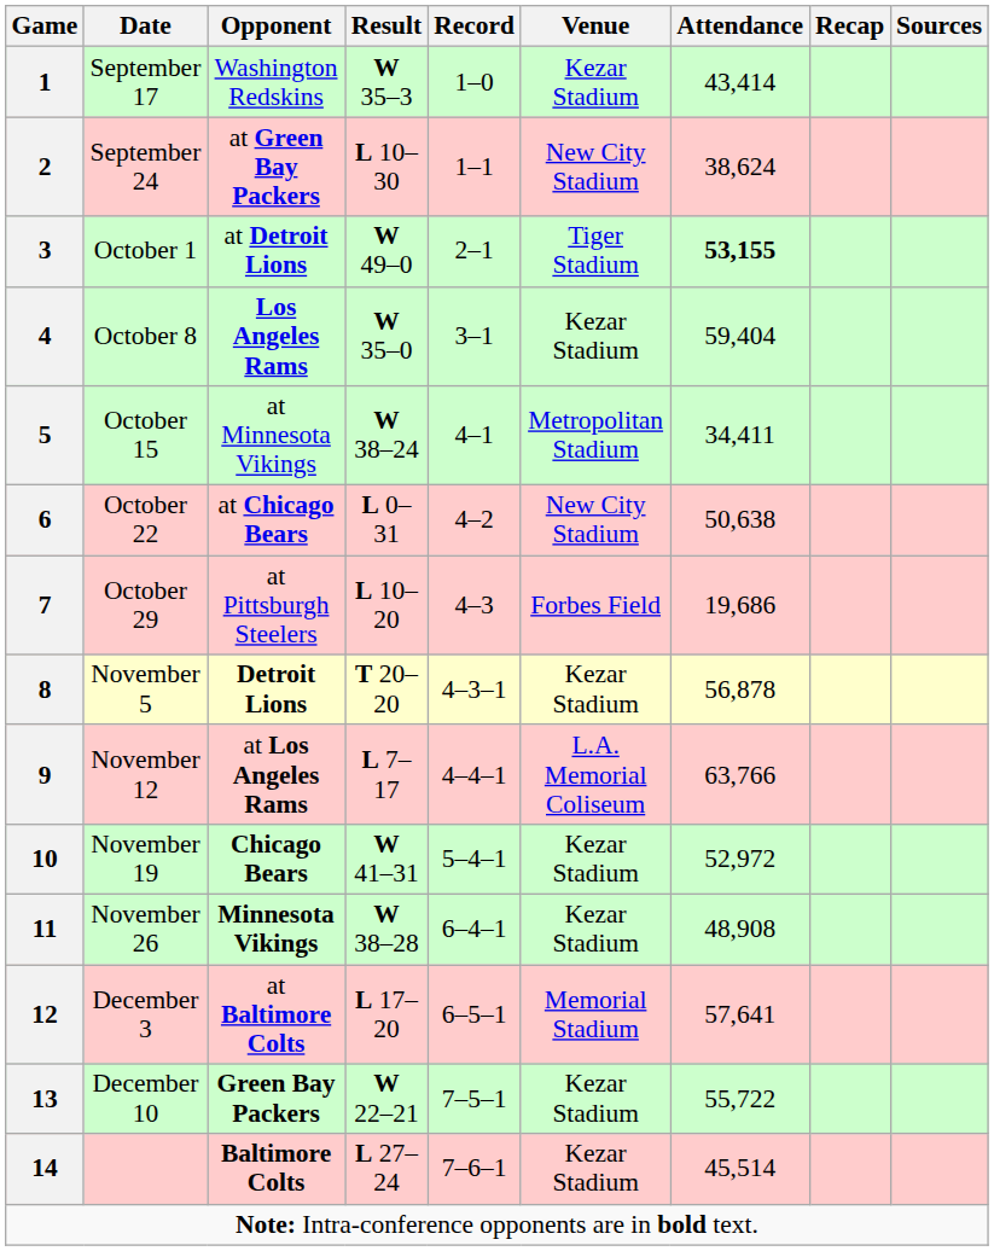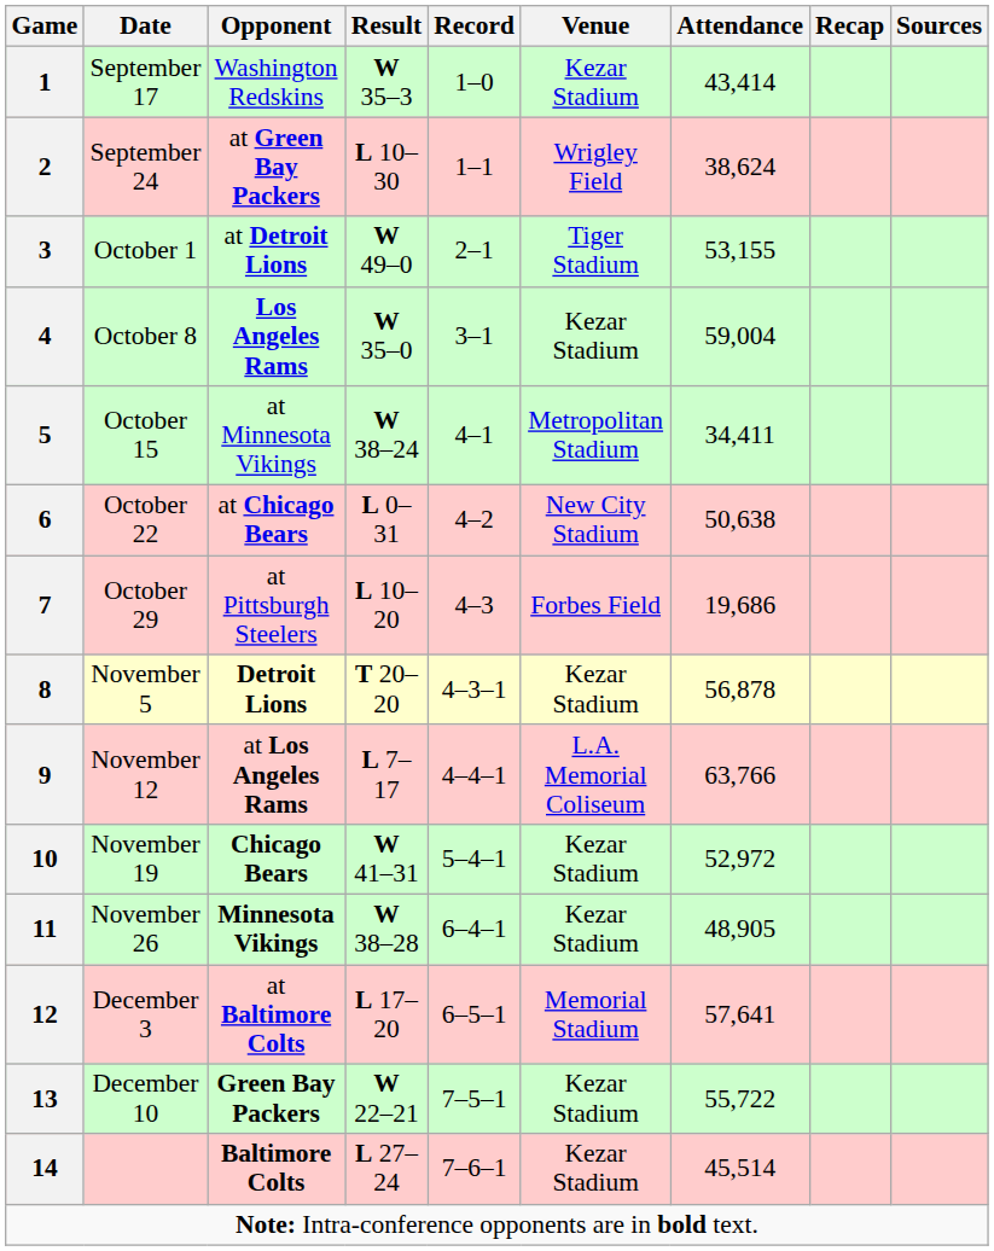 <table class="wikitable" style="text-align:center">
 <tr>
 <th>Game</th>
 <th>Date</th>
 <th>Opponent</th>
 <th>Result</th>
 <th>Record</th>
 <th>Venue</th>
 <th>Attendance</th>
 <th>Recap</th>
 <th>Sources</th>
 </tr>
 <tr style="background:#cfc">
 <th>1</th>
 <td>September 17</td>
 <td><a href='#'>Washington Redskins</a></td>
 <td><strong>W</strong> 35–3</td>
 <td>1–0</td>
 <td><a href='#'>Kezar Stadium</a></td>
 <td>43,414</td>
 <td></td>
 <td></td>
 </tr>
 <tr style="background:#fcc">
 <th>2</th>
 <td>September 24</td>
 <td>at <strong><a href='#'>Green Bay Packers</a></strong></td>
 <td><strong>L</strong> 10–30</td>
 <td>1–1</td>
-<td><a href='#'>New City Stadium</a></td>
+<td><a href='#'>Wrigley Field</a></td>
 <td>38,624</td>
 <td></td>
 <td></td>
 </tr>
 <tr style="background:#cfc">
 <th>3</th>
 <td>October 1</td>
 <td>at <strong><a href='#'>Detroit Lions</a></strong></td>
 <td><strong>W</strong> 49–0</td>
 <td>2–1</td>
 <td><a href='#'>Tiger Stadium</a></td>
-<td><strong>53,155</strong></td>
+<td>53,155</td>
 <td></td>
 <td></td>
 </tr>
 <tr style="background:#cfc">
 <th>4</th>
 <td>October 8</td>
 <td><strong><a href='#'>Los Angeles Rams</a></strong></td>
 <td><strong>W</strong> 35–0</td>
 <td>3–1</td>
 <td>Kezar Stadium</td>
-<td>59,404</td>
+<td>59,004</td>
 <td></td>
 <td></td>
 </tr>
 <tr style="background:#cfc">
 <th>5</th>
 <td>October 15</td>
 <td>at <a href='#'>Minnesota Vikings</a></td>
 <td><strong>W</strong> 38–24</td>
 <td>4–1</td>
 <td><a href='#'>Metropolitan Stadium</a></td>
 <td>34,411</td>
 <td></td>
 <td></td>
 </tr>
 <tr style="background:#fcc">
 <th>6</th>
 <td>October 22</td>
 <td>at <strong><a href='#'>Chicago Bears</a></strong></td>
 <td><strong>L</strong> 0–31</td>
 <td>4–2</td>
 <td><a href='#'>New City Stadium</a></td>
 <td>50,638</td>
 <td></td>
 <td></td>
 </tr>
 <tr style="background:#fcc">
 <th>7</th>
 <td>October 29</td>
 <td>at <a href='#'>Pittsburgh Steelers</a></td>
 <td><strong>L</strong> 10–20</td>
 <td>4–3</td>
 <td><a href='#'>Forbes Field</a></td>
 <td>19,686</td>
 <td></td>
 <td></td>
 </tr>
 <tr style="background:#ffc">
 <th>8</th>
 <td>November 5</td>
 <td><strong>Detroit Lions</strong></td>
 <td><strong>T</strong> 20–20</td>
 <td>4–3–1</td>
 <td>Kezar Stadium</td>
 <td>56,878</td>
 <td></td>
 <td></td>
 </tr>
 <tr style="background:#fcc">
 <th>9</th>
 <td>November 12</td>
 <td>at <strong>Los Angeles Rams</strong></td>
 <td><strong>L</strong> 7–17</td>
 <td>4–4–1</td>
 <td><a href='#'>L.A. Memorial Coliseum</a></td>
 <td>63,766</td>
 <td></td>
 <td></td>
 </tr>
 <tr style="background:#cfc">
 <th>10</th>
 <td>November 19</td>
 <td><strong>Chicago Bears</strong></td>
 <td><strong>W</strong> 41–31</td>
 <td>5–4–1</td>
 <td>Kezar Stadium</td>
 <td>52,972</td>
 <td></td>
 <td></td>
 </tr>
 <tr style="background:#cfc">
 <th>11</th>
 <td>November 26</td>
 <td><strong>Minnesota Vikings</strong></td>
 <td><strong>W</strong> 38–28</td>
 <td>6–4–1</td>
 <td>Kezar Stadium</td>
-<td>48,908</td>
+<td>48,905</td>
 <td></td>
 <td></td>
 </tr>
 <tr style="background:#fcc">
 <th>12</th>
 <td>December 3</td>
 <td>at <strong><a href='#'>Baltimore Colts</a></strong></td>
 <td><strong>L</strong> 17–20</td>
 <td>6–5–1</td>
 <td><a href='#'>Memorial Stadium</a></td>
 <td>57,641</td>
 <td></td>
 <td></td>
 </tr>
 <tr style="background:#cfc">
 <th>13</th>
 <td>December 10</td>
 <td><strong>Green Bay Packers</strong></td>
 <td><strong>W</strong> 22–21</td>
 <td>7–5–1</td>
 <td>Kezar Stadium</td>
 <td>55,722</td>
 <td></td>
 <td></td>
 </tr>
 <tr style="background:#fcc">
 <th>14</th>
 <td></td>
 <td><strong>Baltimore Colts</strong></td>
 <td><strong>L</strong> 27–24</td>
 <td>7–6–1</td>
 <td>Kezar Stadium</td>
 <td>45,514</td>
 <td></td>
 <td></td>
 </tr>
 <tr>
 <td colspan="10"><strong>Note:</strong> Intra-conference opponents are in <strong>bold</strong> text.</td>
 </tr>
 </table>
